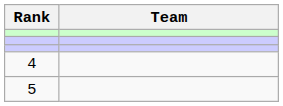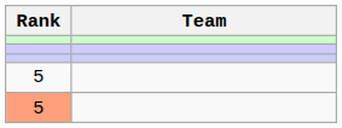 <table class="wikitable" style="text-align:left;">
 <tr>
 <th width=40>Rank</th>
 <th width=180>Team</th>
 </tr>
 <tr bgcolor=ccffcc>
 <td align=center></td>
 <td></td>
 </tr>
 <tr bgcolor=ccccff>
 <td align=center></td>
 <td></td>
 </tr>
 <tr bgcolor=ccccff>
 <td align=center></td>
 <td></td>
 </tr>
 <tr>
-<td align=center>4</td>
+<td align=center>5</td>
 <td></td>
 </tr>
 <tr>
-<td align=center>5</td>
+<td align=center style="background: lightsalmon;">5</td>
 <td></td>
 </tr>
 </table>
